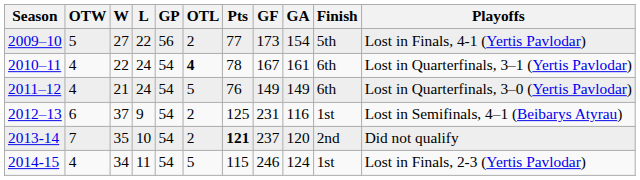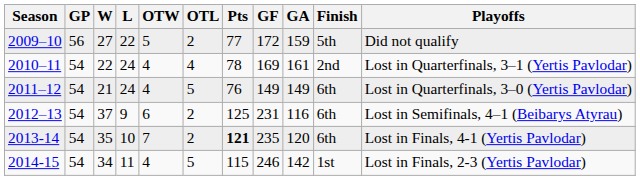 <table class="wikitable">
 <tr>
 <th>Season</th>
-<th>OTW</th>
+<th>GP</th>
 <th>W</th>
 <th>L</th>
-<th>GP</th>
+<th>OTW</th>
 <th>OTL</th>
 <th>Pts</th>
 <th>GF</th>
 <th>GA</th>
 <th>Finish</th>
 <th>Playoffs</th>
 </tr>
 <tr style="background:#eee;">
 <td><a href='#'>2009–10</a></td>
-<td>5</td>
+<td>56</td>
 <td>27</td>
 <td>22</td>
-<td>56</td>
+<td>5</td>
 <td>2</td>
 <td>77</td>
-<td>173</td>
-<td>154</td>
+<td>172</td>
+<td>159</td>
 <td>5th</td>
-<td>Lost in Finals, 4-1 (<a href='#'>Yertis Pavlodar</a>)</td>
+<td>Did not qualify</td>
 </tr>
 <tr>
 <td><a href='#'>2010–11</a></td>
-<td>4</td>
+<td>54</td>
 <td>22</td>
 <td>24</td>
-<td>54</td>
-<td><strong>4</strong></td>
+<td>4</td>
+<td>4</td>
 <td>78</td>
-<td>167</td>
+<td>169</td>
 <td>161</td>
-<td>6th</td>
+<td>2nd</td>
 <td>Lost in Quarterfinals, 3–1 (<a href='#'>Yertis Pavlodar</a>)</td>
 </tr>
 <tr style="background:#eee;">
 <td><a href='#'>2011–12</a></td>
-<td>4</td>
+<td>54</td>
 <td>21</td>
 <td>24</td>
-<td>54</td>
+<td>4</td>
 <td>5</td>
 <td>76</td>
 <td>149</td>
 <td>149</td>
 <td>6th</td>
 <td>Lost in Quarterfinals, 3–0 (<a href='#'>Yertis Pavlodar</a>)</td>
 </tr>
 <tr>
 <td><a href='#'>2012–13</a></td>
-<td>6</td>
+<td>54</td>
 <td>37</td>
 <td>9</td>
-<td>54</td>
+<td>6</td>
 <td>2</td>
 <td>125</td>
 <td>231</td>
 <td>116</td>
-<td>1st</td>
+<td>6th</td>
 <td>Lost in Semifinals, 4–1 (<a href='#'>Beibarys Atyrau</a>)</td>
 </tr>
 <tr style="background:#eee;">
 <td><a href='#'>2013-14</a></td>
-<td>7</td>
+<td>54</td>
 <td>35</td>
 <td>10</td>
-<td>54</td>
+<td>7</td>
 <td>2</td>
 <td><strong>121</strong></td>
-<td>237</td>
+<td>235</td>
 <td>120</td>
-<td>2nd</td>
-<td>Did not qualify</td>
+<td>6th</td>
+<td>Lost in Finals, 4-1 (<a href='#'>Yertis Pavlodar</a>)</td>
 </tr>
 <tr>
 <td><a href='#'>2014-15</a></td>
-<td>4</td>
+<td>54</td>
 <td>34</td>
 <td>11</td>
-<td>54</td>
+<td>4</td>
 <td>5</td>
 <td>115</td>
 <td>246</td>
-<td>124</td>
+<td>142</td>
 <td>1st</td>
 <td>Lost in Finals, 2-3 (<a href='#'>Yertis Pavlodar</a>)</td>
 </tr>
 </table>
